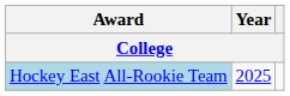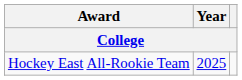 <table class="wikitable">
 <tr>
 <th>Award</th>
 <th>Year</th>
 <th></th>
 </tr>
 <tr>
 <th colspan="3"><a href='#'>College</a></th>
 </tr>
 <tr>
-<td style="background: lightblue;"><a href='#'>Hockey East</a> <a href='#'>All-Rookie Team</a></td>
+<td><a href='#'>Hockey East</a> <a href='#'>All-Rookie Team</a></td>
 <td><a href='#'>2025</a></td>
 </tr>
 </table>
